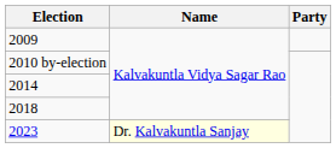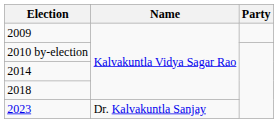 <table class="wikitable sortable">
 <tr>
 <th>Election</th>
 <th>Name</th>
 <th colspan=2>Party</th>
 </tr>
 <tr>
 <td>2009</td>
 <td rowspan="4"><a href='#'>Kalvakuntla Vidya Sagar Rao</a></td>
 <td></td>
 </tr>
 <tr>
 <td>2010 by-election</td>
 </tr>
 <tr>
 <td>2014</td>
 </tr>
 <tr>
 <td>2018</td>
 </tr>
 <tr>
 <td><a href='#'>2023</a></td>
-<td style="background: lightyellow;">Dr. <a href='#'>Kalvakuntla Sanjay</a></td>
+<td>Dr. <a href='#'>Kalvakuntla Sanjay</a></td>
 </tr>
 </table>
